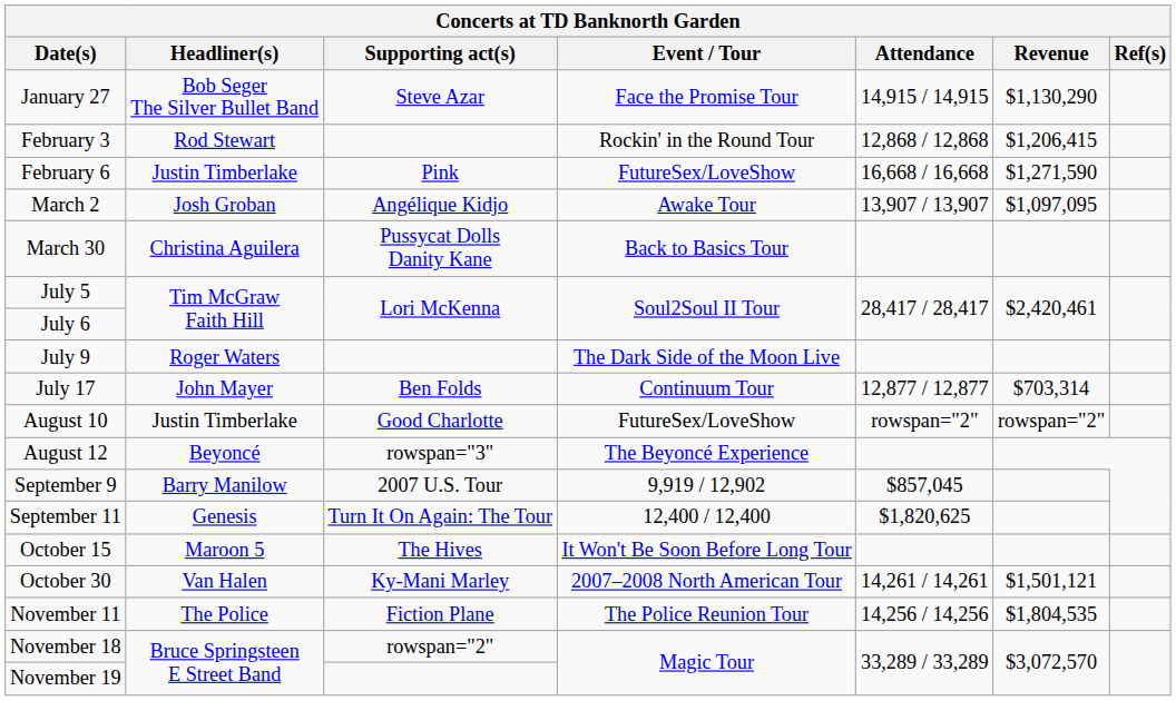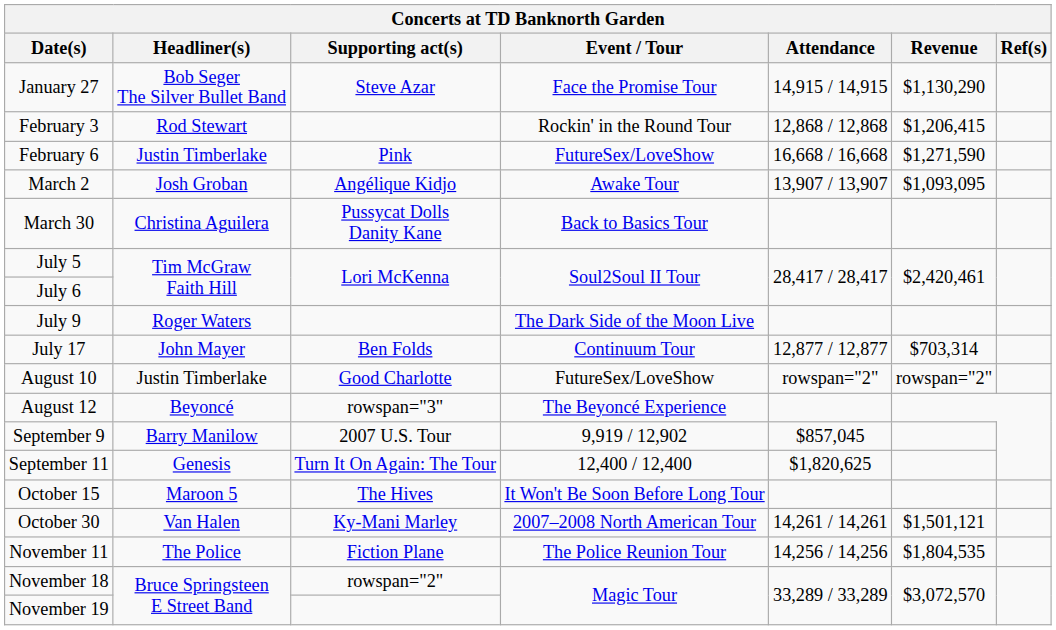 <table class="wikitable mw-collapsible mw-collapsed" style="text-align:center;">
 <tr>
 <th colspan="7">Concerts at TD Banknorth Garden</th>
 </tr>
 <tr>
 <th>Date(s)</th>
 <th>Headliner(s)</th>
 <th>Supporting act(s)</th>
 <th>Event / Tour</th>
 <th>Attendance</th>
 <th>Revenue</th>
 <th>Ref(s)</th>
 </tr>
 <tr>
 <td>January 27</td>
 <td><a href='#'>Bob Seger</a><br><a href='#'>The Silver Bullet Band</a></td>
 <td><a href='#'>Steve Azar</a></td>
 <td><a href='#'>Face the Promise Tour</a></td>
 <td>14,915 / 14,915</td>
 <td>$1,130,290</td>
 <td></td>
 </tr>
 <tr>
 <td>February 3</td>
 <td><a href='#'>Rod Stewart</a></td>
 <td></td>
 <td>Rockin' in the Round Tour</td>
 <td>12,868 / 12,868</td>
 <td>$1,206,415</td>
 <td></td>
 </tr>
 <tr>
 <td>February 6</td>
 <td><a href='#'>Justin Timberlake</a></td>
 <td><a href='#'>Pink</a></td>
 <td><a href='#'>FutureSex/LoveShow</a></td>
 <td>16,668 / 16,668</td>
 <td>$1,271,590</td>
 <td></td>
 </tr>
 <tr>
 <td>March 2</td>
 <td><a href='#'>Josh Groban</a></td>
 <td><a href='#'>Angélique Kidjo</a></td>
 <td><a href='#'>Awake Tour</a></td>
 <td>13,907 / 13,907</td>
-<td>$1,097,095</td>
+<td>$1,093,095</td>
 <td></td>
 </tr>
 <tr>
 <td>March 30</td>
 <td><a href='#'>Christina Aguilera</a></td>
 <td><a href='#'>Pussycat Dolls</a><br><a href='#'>Danity Kane</a></td>
 <td><a href='#'>Back to Basics Tour</a></td>
 <td></td>
 <td></td>
 <td></td>
 </tr>
 <tr>
 <td>July 5</td>
 <td rowspan="2"><a href='#'>Tim McGraw</a><br><a href='#'>Faith Hill</a></td>
 <td rowspan="2"><a href='#'>Lori McKenna</a></td>
 <td rowspan="2"><a href='#'>Soul2Soul II Tour</a></td>
 <td rowspan="2">28,417 / 28,417</td>
 <td rowspan="2">$2,420,461</td>
 <td rowspan="2"></td>
 </tr>
 <tr>
 <td>July 6</td>
 </tr>
 <tr>
 <td>July 9</td>
 <td><a href='#'>Roger Waters</a></td>
 <td></td>
 <td><a href='#'>The Dark Side of the Moon Live</a></td>
 <td></td>
 <td></td>
 <td></td>
 </tr>
 <tr>
 <td>July 17</td>
 <td><a href='#'>John Mayer</a></td>
 <td><a href='#'>Ben Folds</a></td>
 <td><a href='#'>Continuum Tour</a></td>
 <td>12,877 / 12,877</td>
 <td>$703,314</td>
 <td></td>
 </tr>
 <tr>
 <td>August 10</td>
 <td>Justin Timberlake</td>
 <td><a href='#'>Good Charlotte</a></td>
 <td>FutureSex/LoveShow</td>
 <td>rowspan="2" </td>
 <td>rowspan="2" </td>
 <td></td>
 </tr>
 <tr>
 <td>August 12</td>
 <td><a href='#'>Beyoncé</a></td>
 <td>rowspan="3" </td>
 <td><a href='#'>The Beyoncé Experience</a></td>
 <td></td>
 </tr>
 <tr>
 <td>September 9</td>
 <td><a href='#'>Barry Manilow</a></td>
 <td>2007 U.S. Tour</td>
 <td>9,919 / 12,902</td>
 <td>$857,045</td>
 <td></td>
 </tr>
 <tr>
 <td>September 11</td>
 <td><a href='#'>Genesis</a></td>
 <td><a href='#'>Turn It On Again: The Tour</a></td>
 <td>12,400 / 12,400</td>
 <td>$1,820,625</td>
 <td></td>
 </tr>
 <tr>
 <td>October 15</td>
 <td><a href='#'>Maroon 5</a></td>
 <td><a href='#'>The Hives</a></td>
 <td><a href='#'>It Won't Be Soon Before Long Tour</a></td>
 <td></td>
 <td></td>
 <td></td>
 </tr>
 <tr>
 <td>October 30</td>
 <td><a href='#'>Van Halen</a></td>
 <td><a href='#'>Ky-Mani Marley</a></td>
 <td><a href='#'>2007–2008 North American Tour</a></td>
 <td>14,261 / 14,261</td>
 <td>$1,501,121</td>
 <td></td>
 </tr>
 <tr>
 <td>November 11</td>
 <td><a href='#'>The Police</a></td>
 <td><a href='#'>Fiction Plane</a></td>
 <td><a href='#'>The Police Reunion Tour</a></td>
 <td>14,256 / 14,256</td>
 <td>$1,804,535</td>
 <td></td>
 </tr>
 <tr>
 <td>November 18</td>
 <td rowspan="2"><a href='#'>Bruce Springsteen</a><br><a href='#'>E Street Band</a></td>
 <td>rowspan="2" </td>
 <td rowspan="2"><a href='#'>Magic Tour</a></td>
 <td rowspan="2">33,289 / 33,289</td>
 <td rowspan="2">$3,072,570</td>
 <td rowspan="2"></td>
 </tr>
 <tr>
 <td>November 19</td>
 </tr>
 </table>
